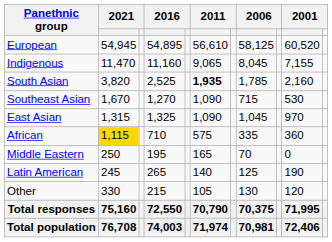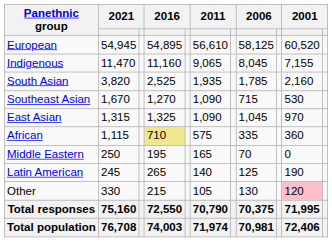 <table class="wikitable collapsible sortable">
 <tr>
 <th rowspan="2"><a href='#'>Panethnic</a><br>group</th>
 <th colspan="2">2021</th>
 <th colspan="2">2016</th>
 <th colspan="2">2011</th>
 <th colspan="2">2006</th>
 <th colspan="2">2001</th>
 </tr>
 <tr>
 <th><a href='#'></a></th>
 <th></th>
 <th></th>
 <th></th>
 <th></th>
 <th></th>
 <th></th>
 <th></th>
 <th></th>
 <th></th>
 </tr>
 <tr>
 <td><a href='#'>European</a></td>
 <td>54,945</td>
 <td></td>
 <td>54,895</td>
 <td></td>
 <td>56,610</td>
 <td></td>
 <td>58,125</td>
 <td></td>
 <td>60,520</td>
 <td></td>
 </tr>
 <tr>
 <td><a href='#'>Indigenous</a></td>
 <td>11,470</td>
 <td></td>
 <td>11,160</td>
 <td></td>
 <td>9,065</td>
 <td></td>
 <td>8,045</td>
 <td></td>
 <td>7,155</td>
 <td></td>
 </tr>
 <tr>
 <td><a href='#'>South Asian</a></td>
 <td>3,820</td>
 <td></td>
 <td>2,525</td>
 <td></td>
-<td><strong>1,935</strong></td>
+<td>1,935</td>
 <td></td>
 <td>1,785</td>
 <td></td>
 <td>2,160</td>
 <td></td>
 </tr>
 <tr>
 <td><a href='#'>Southeast Asian</a></td>
 <td>1,670</td>
 <td></td>
 <td>1,270</td>
 <td></td>
 <td>1,090</td>
 <td></td>
 <td>715</td>
 <td></td>
 <td>530</td>
 <td></td>
 </tr>
 <tr>
 <td><a href='#'>East Asian</a></td>
 <td>1,315</td>
 <td></td>
 <td>1,325</td>
 <td></td>
 <td>1,090</td>
 <td></td>
 <td>1,045</td>
 <td></td>
 <td>970</td>
 <td></td>
 </tr>
 <tr>
 <td><a href='#'>African</a></td>
-<td style="background: gold;">1,115</td>
+<td>1,115</td>
 <td></td>
-<td>710</td>
+<td style="background: khaki;">710</td>
 <td></td>
 <td>575</td>
 <td></td>
 <td>335</td>
 <td></td>
 <td>360</td>
 <td></td>
 </tr>
 <tr>
 <td><a href='#'>Middle Eastern</a></td>
 <td>250</td>
 <td></td>
 <td>195</td>
 <td></td>
 <td>165</td>
 <td></td>
 <td>70</td>
 <td></td>
 <td>0</td>
 <td></td>
 </tr>
 <tr>
 <td><a href='#'>Latin American</a></td>
 <td>245</td>
 <td></td>
 <td>265</td>
 <td></td>
 <td>140</td>
 <td></td>
 <td>125</td>
 <td></td>
 <td>190</td>
 <td></td>
 </tr>
 <tr>
 <td>Other</td>
 <td>330</td>
 <td></td>
 <td>215</td>
 <td></td>
 <td>105</td>
 <td></td>
 <td>130</td>
 <td></td>
-<td>120</td>
+<td style="background: pink;">120</td>
 <td></td>
 </tr>
 <tr>
 <th>Total responses</th>
 <th>75,160</th>
 <th></th>
 <th>72,550</th>
 <th></th>
 <th>70,790</th>
 <th></th>
 <th>70,375</th>
 <th></th>
 <th>71,995</th>
 <th></th>
 </tr>
 <tr>
 <th>Total population</th>
 <th>76,708</th>
 <th></th>
 <th>74,003</th>
 <th></th>
 <th>71,974</th>
 <th></th>
 <th>70,981</th>
 <th></th>
 <th>72,406</th>
 <th></th>
 </tr>
 </table>
